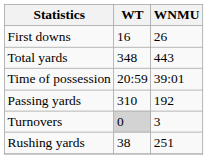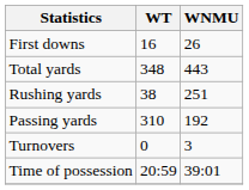 <table class="wikitable">
 <tr>
 <th>Statistics</th>
 <th>WT</th>
 <th>WNMU</th>
 </tr>
 <tr>
 <td>First downs</td>
 <td>16</td>
 <td>26</td>
 </tr>
 <tr>
 <td>Total yards</td>
 <td>348</td>
 <td>443</td>
 </tr>
 <tr>
-<td>Time of possession</td>
-<td>20:59</td>
-<td>39:01</td>
+<td>Rushing yards</td>
+<td>38</td>
+<td>251</td>
 </tr>
 <tr>
 <td>Passing yards</td>
 <td>310</td>
 <td>192</td>
 </tr>
 <tr>
 <td>Turnovers</td>
-<td style="background: lightgrey;">0</td>
+<td>0</td>
 <td>3</td>
 </tr>
 <tr>
-<td>Rushing yards</td>
-<td>38</td>
-<td>251</td>
+<td>Time of possession</td>
+<td>20:59</td>
+<td>39:01</td>
 </tr>
 <tr>
 </tr>
 </table>
